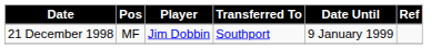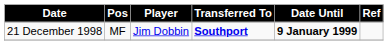 <table class="wikitable plainrowheaders sortable">
 <tr>
 <th style="background:#000000; color:#FFFFFF; ">Date</th>
 <th style="background:#000000; color:#FFFFff; ">Pos</th>
 <th style="background:#000000; color:#FFFFff; ">Player</th>
 <th style="background:#000000; color:#FFFFff; ">Transferred To</th>
 <th style="background:#000000; color:#FFFFff; ">Date Until</th>
 <th style="background:#000000; color:#FFFFff; ">Ref</th>
 </tr>
 <tr>
 <td>21 December 1998</td>
 <td align="center">MF</td>
 <td> <a href='#'>Jim Dobbin</a></td>
-<td> <a href='#'>Southport</a></td>
-<td>9 January 1999</td>
+<td><strong> <a href='#'>Southport</a></strong></td>
+<td><strong>9 January 1999</strong></td>
 <td></td>
 </tr>
 <tr>
 </tr>
 </table>
